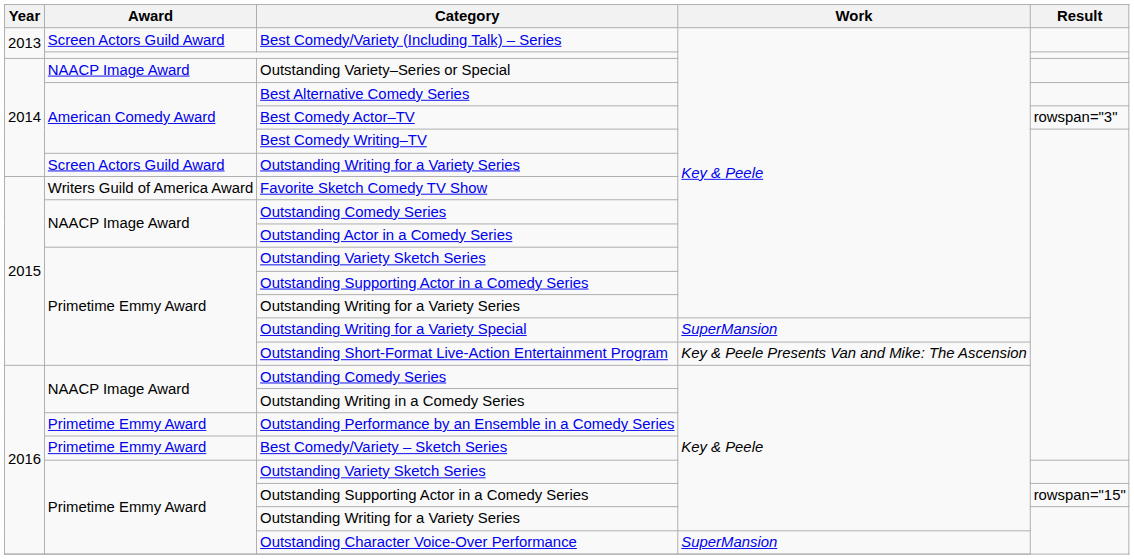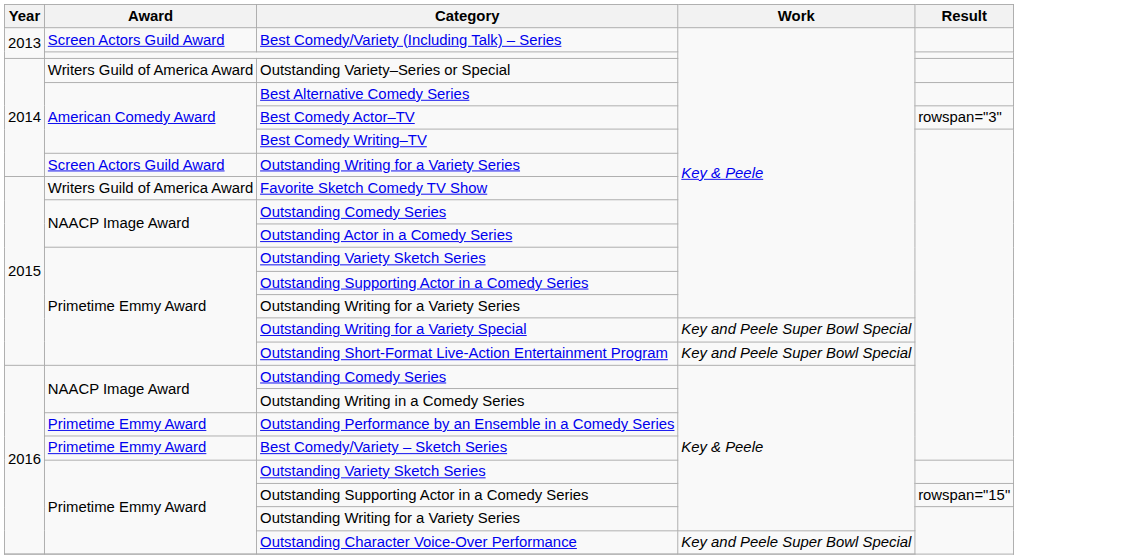 <table class="wikitable sortable">
 <tr>
 <th>Year</th>
 <th>Award</th>
 <th>Category</th>
 <th>Work</th>
 <th>Result</th>
 </tr>
 <tr>
 <td rowspan="2">2013</td>
 <td><a href='#'>Screen Actors Guild Award</a></td>
 <td><a href='#'>Best Comedy/Variety (Including Talk) – Series</a></td>
 <td rowspan="13"><em><a href='#'>Key & Peele</a></em></td>
 <td></td>
 </tr>
 <tr>
 <td colspan=2></td>
 <td></td>
 </tr>
 <tr>
 <td rowspan="5">2014</td>
-<td><a href='#'>NAACP Image Award</a></td>
+<td>Writers Guild of America Award</td>
 <td>Outstanding Variety–Series or Special</td>
 <td></td>
 </tr>
 <tr>
 <td rowspan="3"><a href='#'>American Comedy Award</a></td>
 <td><a href='#'>Best Alternative Comedy Series</a></td>
 <td></td>
 </tr>
 <tr>
 <td><a href='#'>Best Comedy Actor–TV</a></td>
 <td>rowspan="3" </td>
 </tr>
 <tr>
 <td><a href='#'>Best Comedy Writing–TV</a></td>
 </tr>
 <tr>
 <td><a href='#'>Screen Actors Guild Award</a></td>
 <td><a href='#'>Outstanding Writing for a Variety Series</a></td>
 </tr>
 <tr>
 <td rowspan="8">2015</td>
 <td>Writers Guild of America Award</td>
 <td><a href='#'>Favorite Sketch Comedy TV Show</a></td>
 </tr>
 <tr>
 <td rowspan="2">NAACP Image Award</td>
 <td><a href='#'>Outstanding Comedy Series</a></td>
 </tr>
 <tr>
 <td><a href='#'>Outstanding Actor in a Comedy Series</a></td>
 </tr>
 <tr>
 <td rowspan="5">Primetime Emmy Award</td>
 <td><a href='#'>Outstanding Variety Sketch Series</a></td>
 </tr>
 <tr>
 <td><a href='#'>Outstanding Supporting Actor in a Comedy Series</a></td>
 </tr>
 <tr>
 <td>Outstanding Writing for a Variety Series</td>
 </tr>
 <tr>
 <td><a href='#'>Outstanding Writing for a Variety Special</a></td>
-<td><em><a href='#'>SuperMansion</a></em></td>
+<td><em>Key and Peele Super Bowl Special</em></td>
 </tr>
 <tr>
 <td><a href='#'>Outstanding Short-Format Live-Action Entertainment Program</a></td>
-<td><em>Key & Peele Presents Van and Mike: The Ascension</em></td>
+<td><em>Key and Peele Super Bowl Special</em></td>
 </tr>
 <tr>
 <td rowspan="8">2016</td>
 <td rowspan="2">NAACP Image Award</td>
 <td><a href='#'>Outstanding Comedy Series</a></td>
 <td rowspan="7"><em>Key & Peele</em></td>
 </tr>
 <tr>
 <td>Outstanding Writing in a Comedy Series</td>
 </tr>
 <tr>
 <td><a href='#'>Primetime Emmy Award</a></td>
 <td><a href='#'>Outstanding Performance by an Ensemble in a Comedy Series</a></td>
 </tr>
 <tr>
 <td><a href='#'>Primetime Emmy Award</a></td>
 <td><a href='#'>Best Comedy/Variety – Sketch Series</a></td>
 </tr>
 <tr>
 <td rowspan="4">Primetime Emmy Award</td>
 <td><a href='#'>Outstanding Variety Sketch Series</a></td>
 <td></td>
 </tr>
 <tr>
 <td>Outstanding Supporting Actor in a Comedy Series</td>
 <td>rowspan="15" </td>
 </tr>
 <tr>
 <td>Outstanding Writing for a Variety Series</td>
 </tr>
 <tr>
 <td><a href='#'>Outstanding Character Voice-Over Performance</a></td>
-<td><em><a href='#'>SuperMansion</a></em></td>
+<td><em>Key and Peele Super Bowl Special</em></td>
 </tr>
 <tr>
 </tr>
 </table>
